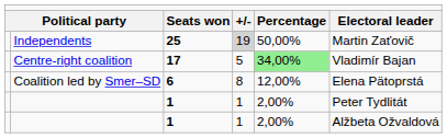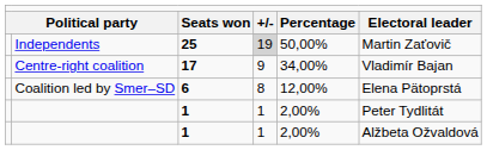 <table class="wikitable" style="text-align: left;">
 <tr>
 <td colspan="6"></td>
 </tr>
 <tr>
 <th colspan="2">Political party</th>
 <th>Seats won</th>
 <th>+/-</th>
 <th>Percentage</th>
 <th>Electoral leader</th>
 </tr>
 <tr>
 <td style="background:"></td>
 <td><a href='#'>Independents</a></td>
 <td><strong>25</strong></td>
 <td style="background: lightgrey;"> 19</td>
 <td>50,00%</td>
 <td>Martin Zaťovič</td>
 </tr>
 <tr>
 <td style="background:"></td>
 <td><a href='#'>Centre-right coalition</a></td>
 <td><strong>17</strong></td>
-<td> 5</td>
-<td style="background: lightgreen;">34,00%</td>
+<td> 9</td>
+<td>34,00%</td>
 <td>Vladimír Bajan</td>
 </tr>
 <tr>
 <td style="background:"></td>
 <td>Coalition led by <a href='#'>Smer–SD</a></td>
 <td><strong>6</strong></td>
 <td> 8</td>
 <td>12,00%</td>
 <td>Elena Pätoprstá</td>
 </tr>
 <tr>
 <td style="background:"></td>
 <td></td>
 <td><strong>1</strong></td>
 <td> 1</td>
 <td>2,00%</td>
 <td>Peter Tydlitát</td>
 </tr>
 <tr>
 <td style="background:"></td>
 <td></td>
 <td><strong>1</strong></td>
 <td> 1</td>
 <td>2,00%</td>
 <td>Alžbeta Ožvaldová</td>
 </tr>
 </table>
